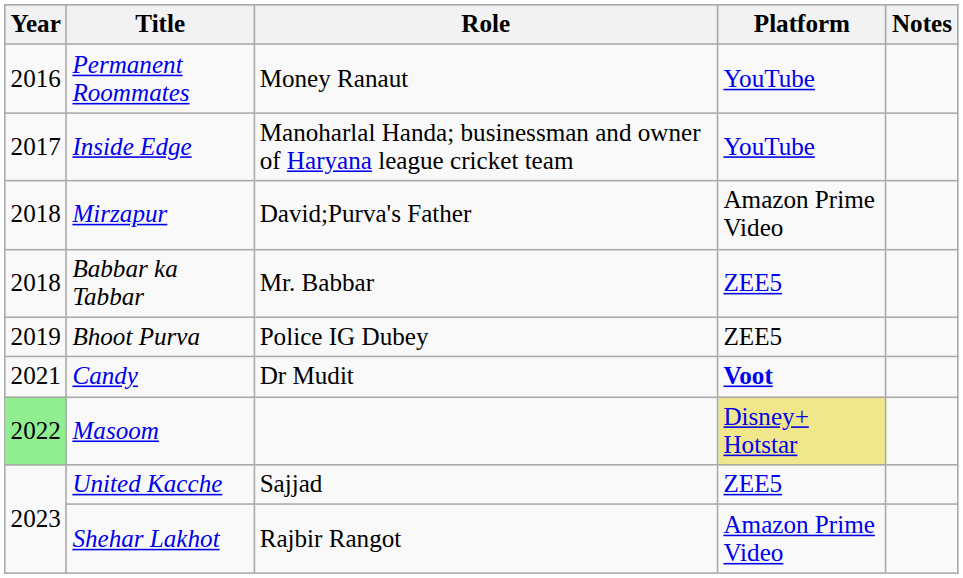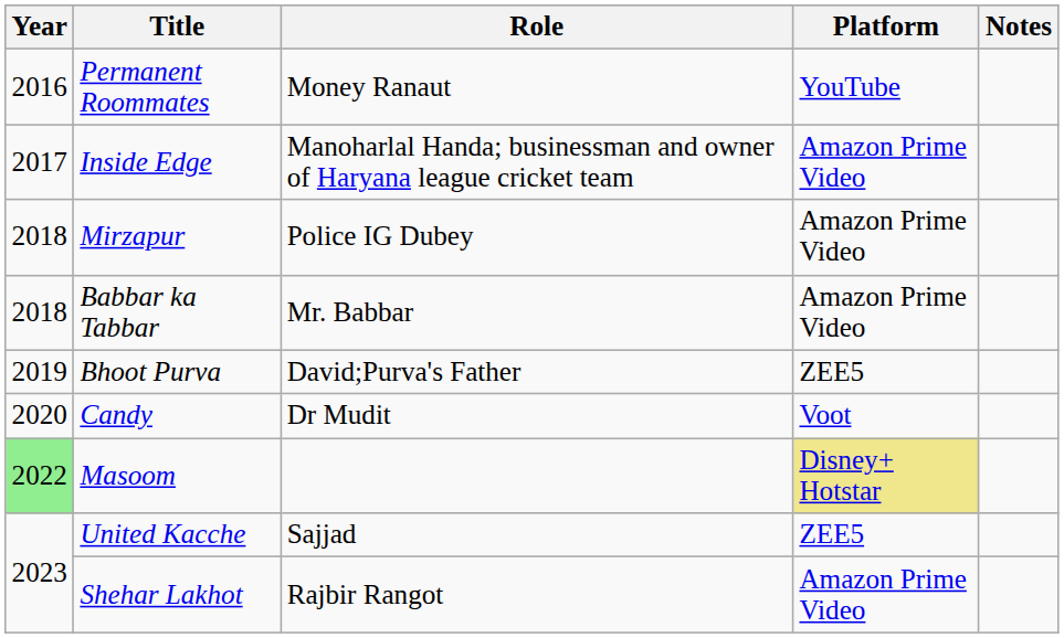 <table class="wikitable sortable">
 <tr style="background:#ccc; tex kit-align:center;">
 <th>Year</th>
 <th>Title</th>
 <th>Role</th>
 <th>Platform</th>
 <th>Notes</th>
 </tr>
 <tr>
 <td>2016</td>
 <td><em><a href='#'>Permanent Roommates</a></em></td>
 <td>Money Ranaut</td>
 <td><a href='#'>YouTube</a></td>
 <td></td>
 </tr>
 <tr>
 <td>2017</td>
 <td><em><a href='#'>Inside Edge</a></em></td>
 <td>Manoharlal Handa; businessman and owner of <a href='#'>Haryana</a> league cricket team</td>
-<td><a href='#'>YouTube</a></td>
+<td><a href='#'>Amazon Prime Video</a></td>
 <td></td>
 </tr>
 <tr>
 <td>2018</td>
 <td><em><a href='#'>Mirzapur</a></em></td>
-<td>David;Purva's Father</td>
+<td>Police IG Dubey</td>
 <td>Amazon Prime Video</td>
 <td></td>
 </tr>
 <tr>
 <td>2018</td>
 <td><em>Babbar ka Tabbar</em></td>
 <td>Mr. Babbar</td>
-<td><a href='#'>ZEE5</a></td>
+<td>Amazon Prime Video</td>
 <td></td>
 </tr>
 <tr>
 <td>2019</td>
 <td><em>Bhoot Purva</em></td>
-<td>Police IG Dubey</td>
+<td>David;Purva's Father</td>
 <td>ZEE5</td>
 <td></td>
 </tr>
 <tr>
-<td>2021</td>
+<td>2020</td>
 <td><em><a href='#'>Candy</a></em></td>
 <td>Dr Mudit</td>
-<td><strong><a href='#'>Voot</a></strong></td>
+<td><a href='#'>Voot</a></td>
 <td></td>
 </tr>
 <tr>
 <td style="background: lightgreen;">2022</td>
 <td><em><a href='#'>Masoom</a></em></td>
 <td></td>
 <td style="background: khaki;"><a href='#'>Disney+ Hotstar</a></td>
 <td></td>
 </tr>
 <tr>
 <td rowspan="2">2023</td>
 <td><em><a href='#'>United Kacche</a></em></td>
 <td>Sajjad</td>
 <td><a href='#'>ZEE5</a></td>
 <td></td>
 </tr>
 <tr>
 <td><em><a href='#'>Shehar Lakhot</a></em></td>
 <td>Rajbir Rangot</td>
 <td><a href='#'>Amazon Prime Video</a></td>
 </tr>
 </table>
